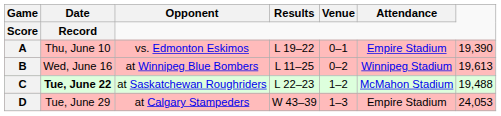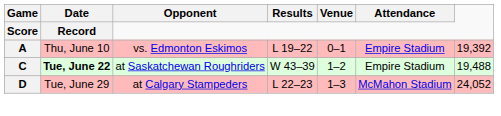 <table class="wikitable" style="text-align:center">
 <tr>
 <th>Game</th>
 <th>Date</th>
 <th>Opponent</th>
 <th>Results</th>
 <th>Venue</th>
 <th>Attendance</th>
 </tr>
 <tr>
 <th>Score</th>
 <th>Record</th>
 </tr>
 <tr style="background:#ffbbbb">
 <th>A</th>
 <td>Thu, June 10</td>
 <td>vs. <a href='#'>Edmonton Eskimos</a></td>
 <td>L 19–22</td>
 <td>0–1</td>
 <td><a href='#'>Empire Stadium</a></td>
-<td>19,390</td>
-</tr>
-<tr style="background:#ffbbbb">
-<th>B</th>
-<td>Wed, June 16</td>
-<td>at <a href='#'>Winnipeg Blue Bombers</a></td>
-<td>L 11–25</td>
-<td>0–2</td>
-<td><a href='#'>Winnipeg Stadium</a></td>
-<td>19,613</td>
+<td>19,392</td>
 </tr>
 <tr style="background:#ddffdd">
 <th>C</th>
 <td><strong>Tue, June 22</strong></td>
 <td>at <a href='#'>Saskatchewan Roughriders</a></td>
-<td>L 22–23</td>
+<td>W 43–39</td>
 <td>1–2</td>
-<td><a href='#'>McMahon Stadium</a></td>
+<td>Empire Stadium</td>
 <td>19,488</td>
 </tr>
 <tr style="background:#ffbbbb">
 <th>D</th>
 <td>Tue, June 29</td>
 <td>at <a href='#'>Calgary Stampeders</a></td>
-<td>W 43–39</td>
+<td>L 22–23</td>
 <td>1–3</td>
-<td>Empire Stadium</td>
-<td>24,053</td>
+<td><a href='#'>McMahon Stadium</a></td>
+<td>24,052</td>
 </tr>
 </table>
